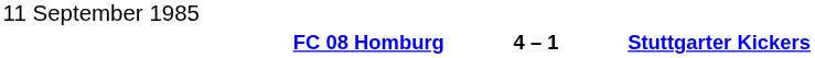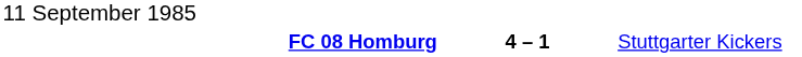 <table width=100% cellspacing=1>
 <tr>
 <th width=25%></th>
 <th width=10%></th>
 <th width=25%></th>
 <th></th>
 </tr>
 <tr>
 <td>11 September 1985</td>
 </tr>
 <tr style=font-size:90%>
 <td align=right><strong><a href='#'>FC 08 Homburg</a></strong></td>
 <td align=center><strong>4 – 1</strong></td>
-<td><strong><a href='#'>Stuttgarter Kickers</a></strong></td>
+<td><a href='#'>Stuttgarter Kickers</a></td>
 </tr>
 </table>
